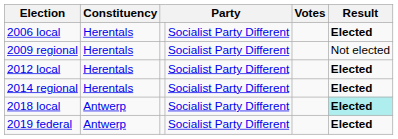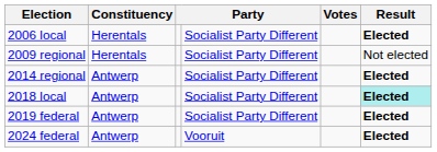 <table class="wikitable" style="text-align:left;">
 <tr>
 <th scope=col>Election</th>
 <th scope=col>Constituency</th>
 <th scope=col colspan="2">Party</th>
 <th scope=col>Votes</th>
 <th scope=col>Result</th>
 </tr>
 <tr>
 <td><a href='#'>2006 local</a></td>
 <td><a href='#'>Herentals</a></td>
 <td style="background:"></td>
 <td><a href='#'>Socialist Party Different</a></td>
 <td align=right></td>
 <td><strong>Elected</strong></td>
 </tr>
 <tr>
 <td><a href='#'>2009 regional</a></td>
 <td><a href='#'>Herentals</a></td>
 <td style="background:"></td>
 <td><a href='#'>Socialist Party Different</a></td>
 <td align=right></td>
 <td>Not elected</td>
 </tr>
 <tr>
-<td><a href='#'>2012 local</a></td>
-<td><a href='#'>Herentals</a></td>
-<td style="background:"></td>
-<td><a href='#'>Socialist Party Different</a></td>
-<td align=right></td>
-<td><strong>Elected</strong></td>
-</tr>
-<tr>
 <td><a href='#'>2014 regional</a></td>
-<td><a href='#'>Herentals</a></td>
+<td><a href='#'>Antwerp</a></td>
 <td style="background:"></td>
 <td><a href='#'>Socialist Party Different</a></td>
 <td align=right></td>
 <td><strong>Elected</strong></td>
 </tr>
 <tr>
 <td><a href='#'>2018 local</a></td>
 <td><a href='#'>Antwerp</a></td>
 <td style="background:"></td>
 <td><a href='#'>Socialist Party Different</a></td>
 <td align=right></td>
 <td style="background: paleturquoise;"><strong>Elected</strong></td>
 </tr>
 <tr>
 <td><a href='#'>2019 federal</a></td>
 <td><a href='#'>Antwerp</a></td>
 <td style="background:"></td>
 <td><a href='#'>Socialist Party Different</a></td>
 <td align=right></td>
 <td><strong>Elected</strong></td>
 </tr>
+<tr>
+<td><a href='#'>2024 federal</a></td>
+<td><a href='#'>Antwerp</a></td>
+<td style="background:"></td>
+<td><a href='#'>Vooruit</a></td>
+<td align=right></td>
+<td><strong>Elected</strong></td>
+</tr>
 </table>
